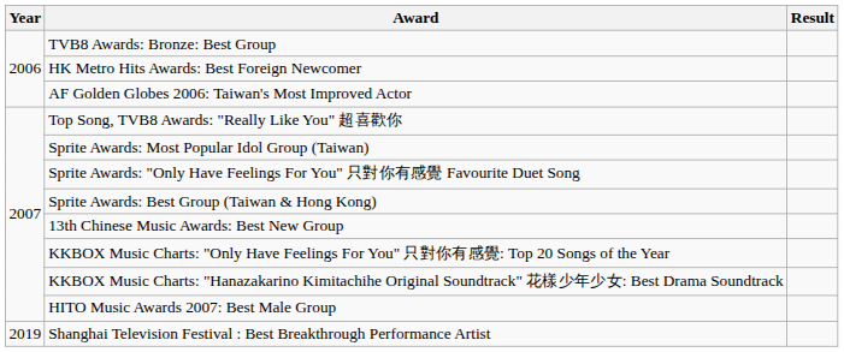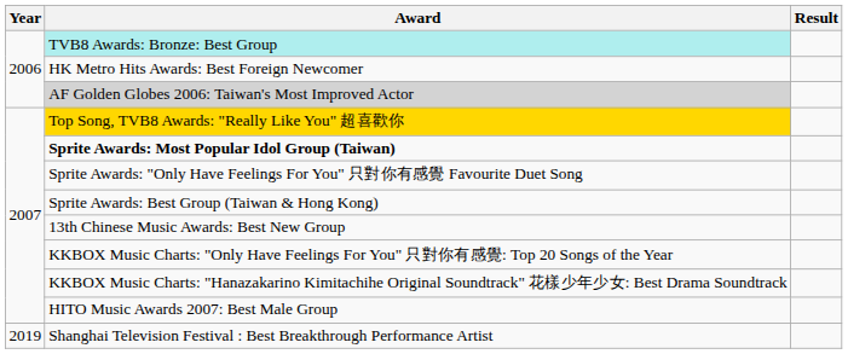 <table class="wikitable sortable">
 <tr>
 <th>Year</th>
 <th>Award</th>
 <th>Result</th>
 </tr>
 <tr>
 <td rowspan=3>2006</td>
-<td>TVB8 Awards: Bronze: Best Group</td>
+<td style="background: paleturquoise;">TVB8 Awards: Bronze: Best Group</td>
 <td></td>
 </tr>
 <tr>
 <td>HK Metro Hits Awards: Best Foreign Newcomer</td>
 <td></td>
 </tr>
 <tr>
-<td>AF Golden Globes 2006: Taiwan's Most Improved Actor</td>
+<td style="background: lightgrey;">AF Golden Globes 2006: Taiwan's Most Improved Actor</td>
 <td></td>
 </tr>
 <tr>
 <td rowspan=8>2007</td>
-<td>Top Song, TVB8 Awards: "Really Like You" 超喜歡你</td>
+<td style="background: gold;">Top Song, TVB8 Awards: "Really Like You" 超喜歡你</td>
 <td></td>
 </tr>
 <tr>
-<td>Sprite Awards: Most Popular Idol Group (Taiwan)</td>
+<td><strong>Sprite Awards: Most Popular Idol Group (Taiwan)</strong></td>
 <td></td>
 </tr>
 <tr>
 <td>Sprite Awards: "Only Have Feelings For You" 只對你有感覺 Favourite Duet Song</td>
 <td></td>
 </tr>
 <tr>
 <td>Sprite Awards: Best Group (Taiwan & Hong Kong)</td>
 <td></td>
 </tr>
 <tr>
 <td>13th Chinese Music Awards: Best New Group</td>
 <td></td>
 </tr>
 <tr>
 <td>KKBOX Music Charts: "Only Have Feelings For You" 只對你有感覺: Top 20 Songs of the Year</td>
 <td></td>
 </tr>
 <tr>
 <td>KKBOX Music Charts: "Hanazakarino Kimitachihe Original Soundtrack" 花樣少年少女: Best Drama Soundtrack</td>
 <td></td>
 </tr>
 <tr>
 <td>HITO Music Awards 2007: Best Male Group</td>
 <td></td>
 </tr>
 <tr>
 <td>2019</td>
 <td>Shanghai Television Festival : Best Breakthrough Performance Artist</td>
 <td></td>
 </tr>
 </table>
